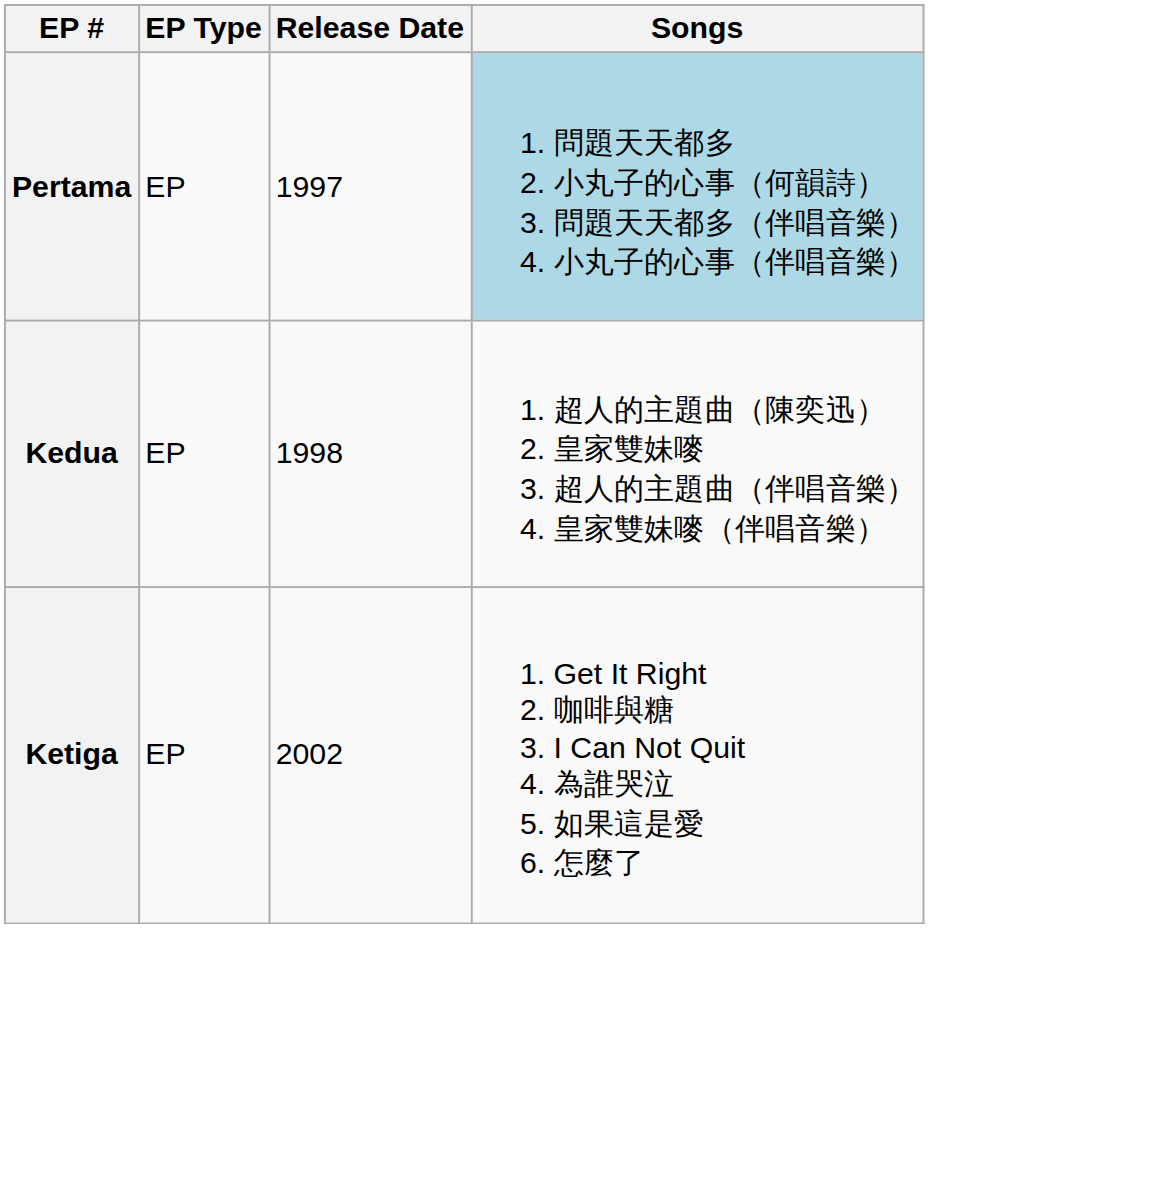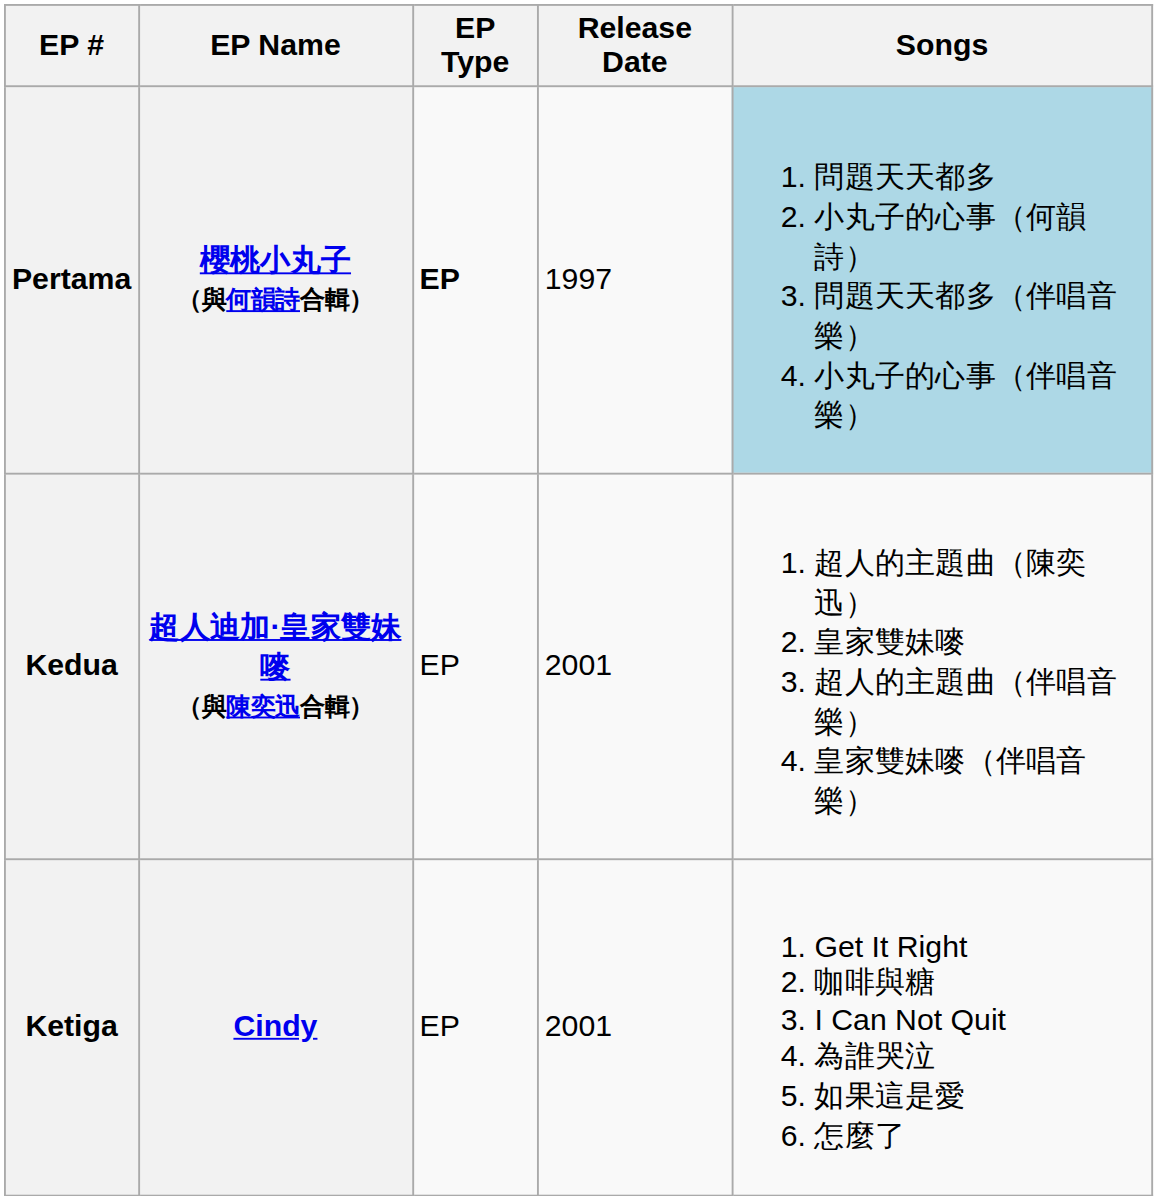 <table class="wikitable">
 <tr>
 <th>EP #</th>
+<th>EP Name</th>
 <th>EP Type</th>
 <th>Release Date</th>
 <th>Songs</th>
 </tr>
 <tr>
 <th>Pertama</th>
-<td>EP</td>
+<th><a href='#'>櫻桃小丸子</a><br><small>（與<a href='#'>何韻詩</a>合輯）</small></th>
+<td><strong>EP</strong></td>
 <td>1997</td>
 <td style="background: lightblue;"><br><ol><li>問題天天都多</li><li>小丸子的心事（何韻詩）</li><li>問題天天都多（伴唱音樂）</li><li>小丸子的心事（伴唱音樂）</li></ol></td>
 </tr>
 <tr>
 <th>Kedua</th>
+<th><a href='#'>超人迪加·皇家雙妹嘜</a><br><small>（與<a href='#'>陳奕迅</a>合輯）</small></th>
 <td>EP</td>
-<td>1998</td>
+<td>2001</td>
 <td><br><ol><li>超人的主題曲（陳奕迅）</li><li>皇家雙妹嘜</li><li>超人的主題曲（伴唱音樂）</li><li>皇家雙妹嘜（伴唱音樂）</li></ol></td>
 </tr>
 <tr>
 <th>Ketiga</th>
+<th><a href='#'>Cindy</a></th>
 <td>EP</td>
-<td>2002</td>
+<td>2001</td>
 <td><br><ol><li>Get It Right</li><li>咖啡與糖</li><li>I Can Not Quit</li><li>為誰哭泣</li><li>如果這是愛</li><li>怎麼了</li></ol></td>
 </tr>
 </table>
